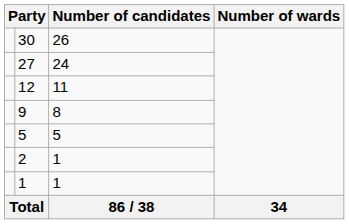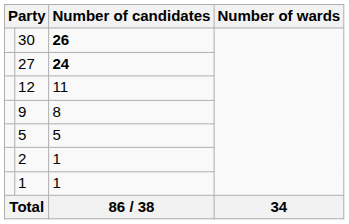 <table class="wikitable">
 <tr>
 <th colspan=2>Party</th>
 <th>Number of candidates</th>
 <th>Number of wards</th>
 </tr>
 <tr>
 <td></td>
 <td>30</td>
-<td>26</td>
+<td><strong>26</strong></td>
 </tr>
 <tr>
 <td></td>
 <td>27</td>
-<td>24</td>
+<td><strong>24</strong></td>
 </tr>
 <tr>
 <td></td>
 <td>12</td>
 <td>11</td>
 </tr>
 <tr>
 <td></td>
 <td>9</td>
 <td>8</td>
 </tr>
 <tr>
 <td></td>
 <td>5</td>
 <td>5</td>
 </tr>
 <tr>
 <td></td>
 <td>2</td>
 <td>1</td>
 </tr>
 <tr>
 <td></td>
 <td>1</td>
 <td>1</td>
 </tr>
 <tr>
 <th colspan =2>Total</th>
 <th>86 / 38</th>
 <th>34</th>
 </tr>
 </table>
